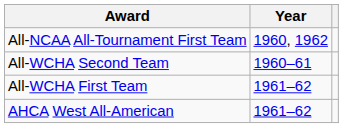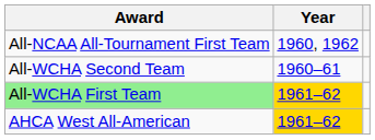 <table class="wikitable">
 <tr>
 <th>Award</th>
 <th>Year</th>
 <th></th>
 </tr>
 <tr>
 <td>All-<a href='#'>NCAA</a> <a href='#'>All-Tournament First Team</a></td>
 <td><a href='#'>1960</a>, <a href='#'>1962</a></td>
 <td></td>
 </tr>
 <tr>
 <td>All-<a href='#'>WCHA</a> <a href='#'>Second Team</a></td>
 <td><a href='#'>1960–61</a></td>
 <td></td>
 </tr>
 <tr>
-<td>All-<a href='#'>WCHA</a> <a href='#'>First Team</a></td>
-<td><a href='#'>1961–62</a></td>
+<td style="background: lightgreen;">All-<a href='#'>WCHA</a> <a href='#'>First Team</a></td>
+<td style="background: gold;"><a href='#'>1961–62</a></td>
 <td></td>
 </tr>
 <tr>
 <td><a href='#'>AHCA</a> <a href='#'>West All-American</a></td>
-<td><a href='#'>1961–62</a></td>
+<td style="background: gold;"><a href='#'>1961–62</a></td>
 <td></td>
 </tr>
 </table>
